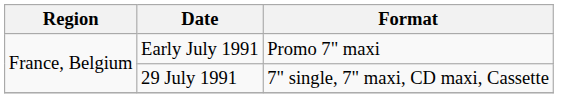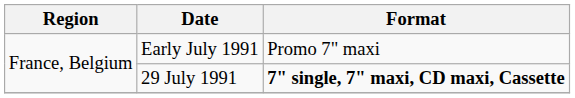 <table class="wikitable" border="1">
 <tr>
 <th>Region</th>
 <th>Date</th>
 <th>Format</th>
 </tr>
 <tr>
 <td rowspan=2>France, Belgium</td>
 <td>Early July 1991</td>
 <td>Promo 7" maxi</td>
 </tr>
 <tr>
 <td>29 July 1991</td>
-<td align=center>7" single, 7" maxi, CD maxi, Cassette</td>
+<td align=center><strong>7" single, 7" maxi, CD maxi, Cassette</strong></td>
 </tr>
 <tr>
 </tr>
 </table>
